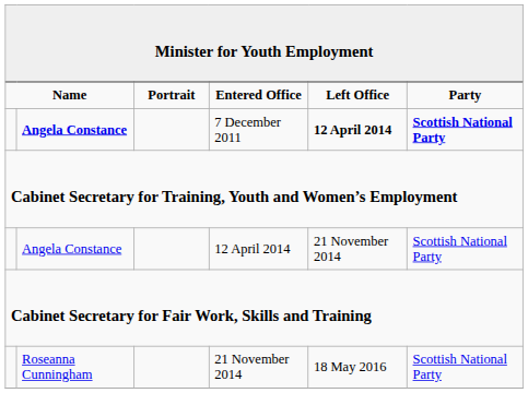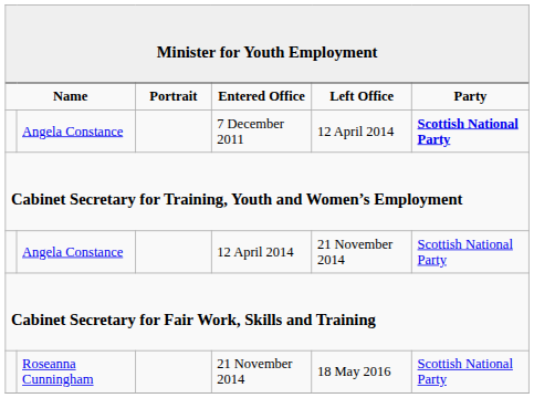 <table border="1" cellpadding="6" cellspacing="0" style="margin: 0 0 0 1em; background: #f9f9f9; border: 1px #aaaaaa solid; border-collapse: collapse; ">
 <tr style="text-align: center; background: #efefef; border-bottom: 2px solid gray;">
 <td colspan="7"><br><h3>Minister for Youth Employment</h3></td>
 </tr>
 <tr>
 <th colspan="2">Name</th>
 <th width=75>Portrait</th>
 <th>Entered Office</th>
 <th>Left Office</th>
 <th>Party</th>
 </tr>
 <tr>
 <td></td>
-<td><strong><a href='#'>Angela Constance</a></strong></td>
+<td><a href='#'>Angela Constance</a></td>
 <td></td>
 <td>7 December 2011</td>
-<td><strong>12 April 2014</strong></td>
+<td>12 April 2014</td>
 <td><strong><a href='#'>Scottish National Party</a></strong></td>
 </tr>
 <tr>
 <td colspan="7"><br><h3>Cabinet Secretary for Training, Youth and Women’s Employment</h3></td>
 </tr>
 <tr>
 <td></td>
 <td><a href='#'>Angela Constance</a></td>
 <td></td>
 <td>12 April 2014</td>
 <td>21 November 2014</td>
 <td><a href='#'>Scottish National Party</a></td>
 </tr>
 <tr>
 <td colspan="7"><br><h3>Cabinet Secretary for Fair Work, Skills and Training</h3></td>
 </tr>
 <tr>
 <td></td>
 <td><a href='#'>Roseanna Cunningham</a></td>
 <td></td>
 <td>21 November 2014</td>
 <td>18 May 2016</td>
 <td><a href='#'>Scottish National Party</a></td>
 </tr>
 <tr>
 </tr>
 </table>
